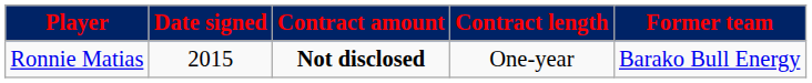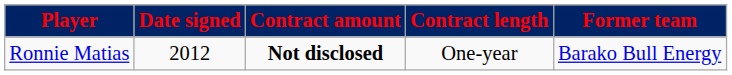 <table class="wikitable sortable sortable"; style="text-align: center">
 <tr>
 <th style="background:#002366; color:#FE0003; ">Player</th>
 <th style="background:#002366; color:#FE0003; ">Date signed</th>
 <th style="background:#002366; color:#FE0003; ">Contract amount</th>
 <th style="background:#002366; color:#FE0003; ">Contract length</th>
 <th style="background:#002366; color:#FE0003; ">Former team</th>
 </tr>
 <tr>
 <td align="center"><a href='#'>Ronnie Matias</a></td>
-<td align="center">2015</td>
+<td align="center">2012</td>
 <td align="center"><strong>Not disclosed</strong></td>
 <td align="center">One-year</td>
 <td align="center"><a href='#'>Barako Bull Energy</a></td>
 </tr>
 </table>
